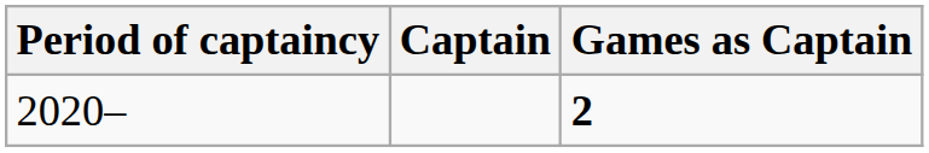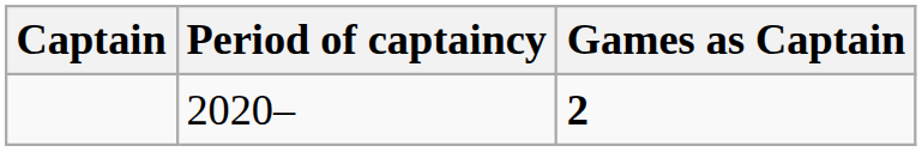 <table class="wikitable sortable">
 <tr>
+<th>Captain</th>
 <th>Period of captaincy</th>
-<th>Captain</th>
 <th>Games as Captain</th>
 </tr>
 <tr>
+<td></td>
 <td>2020–</td>
-<td></td>
 <td><strong>2</strong></td>
 </tr>
 </table>
